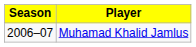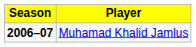 <table class="wikitable">
 <tr>
 <th style="background:yellow; color:Black; text-align:center;">Season</th>
 <th style="background:yellow; color:Black; text-align:center;">Player</th>
 </tr>
 <tr>
-<td style="text-align:center">2006–07</td>
+<td style="text-align:center"><strong>2006–07</strong></td>
 <td> <a href='#'>Muhamad Khalid Jamlus</a></td>
 </tr>
 </table>
